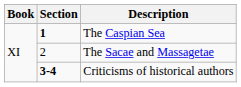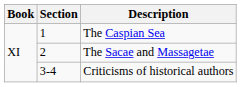 <table class="wikitable" style="max-width:45em;">
 <tr>
 <th>Book</th>
 <th>Section</th>
 <th>Description</th>
 </tr>
 <tr>
 <td rowspan="3">XI</td>
-<td><strong>1</strong></td>
+<td>1</td>
 <td>The <a href='#'>Caspian Sea</a></td>
 </tr>
 <tr>
 <td>2</td>
 <td>The <a href='#'>Sacae</a> and <a href='#'>Massagetae</a></td>
 </tr>
 <tr>
-<td><strong>3-4</strong></td>
+<td>3-4</td>
 <td>Criticisms of historical authors</td>
 </tr>
 </table>
